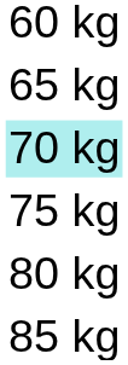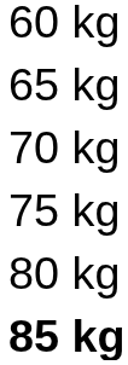 <table>
 <tr>
 <td>60 kg</td>
 <td></td>
 <td></td>
 <td></td>
 </tr>
 <tr>
 <td>65 kg</td>
 <td></td>
 <td></td>
 <td></td>
 </tr>
 <tr>
-<td style="background: paleturquoise;">70 kg</td>
+<td>70 kg</td>
 <td></td>
 <td></td>
 <td></td>
 </tr>
 <tr>
 <td>75 kg</td>
 <td></td>
 <td></td>
 <td></td>
 </tr>
 <tr>
 <td>80 kg</td>
 <td></td>
 <td></td>
 <td></td>
 </tr>
 <tr>
-<td>85 kg</td>
+<td><strong>85 kg</strong></td>
 <td></td>
 <td></td>
 <td></td>
 </tr>
 </table>
